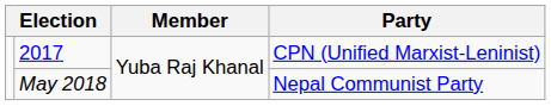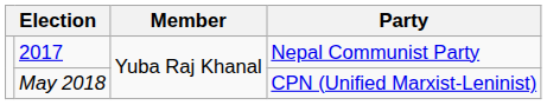 <table class="wikitable">
 <tr>
 <th colspan="2">Election</th>
 <th>Member</th>
 <th>Party</th>
 </tr>
 <tr>
 <td rowspan="2" style="background-color:"></td>
 <td><a href='#'>2017</a></td>
 <td rowspan="2">Yuba Raj Khanal</td>
-<td><a href='#'>CPN (Unified Marxist-Leninist)</a></td>
+<td><a href='#'>Nepal Communist Party</a></td>
 </tr>
 <tr>
 <td><em>May 2018</em></td>
-<td><a href='#'>Nepal Communist Party</a></td>
+<td><a href='#'>CPN (Unified Marxist-Leninist)</a></td>
 </tr>
 </table>
